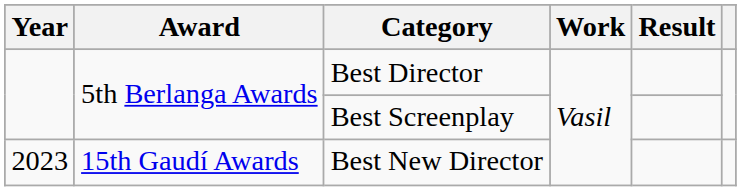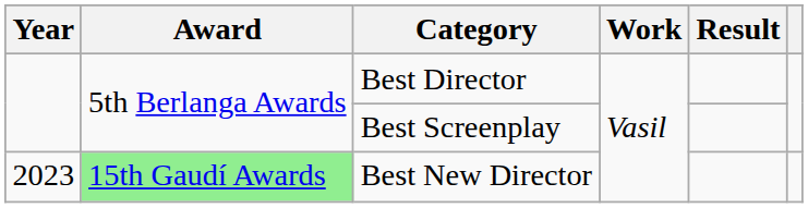 <table class="wikitable sortable plainrowheaders">
 <tr>
 <th>Year</th>
 <th>Award</th>
 <th>Category</th>
 <th>Work</th>
 <th>Result</th>
 <th scope="col" class="unsortable"></th>
 </tr>
 <tr>
 <td rowspan = "2"></td>
 <td rowspan = "2">5th <a href='#'>Berlanga Awards</a></td>
 <td>Best Director</td>
 <td rowspan = "3"><em>Vasil</em></td>
 <td></td>
 <td rowspan = "2"></td>
 </tr>
 <tr>
 <td>Best Screenplay</td>
 <td></td>
 </tr>
 <tr>
 <td align = "center" rowspan = "6">2023</td>
-<td><a href='#'>15th Gaudí Awards</a></td>
+<td style="background: lightgreen;"><a href='#'>15th Gaudí Awards</a></td>
 <td>Best New Director</td>
 <td></td>
 <td></td>
 </tr>
 </table>
